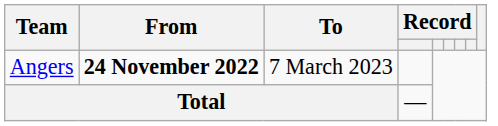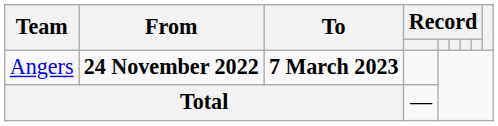 <table class=wikitable style="text-align:center">
 <tr>
 <th rowspan=2>Team</th>
 <th rowspan=2>From</th>
 <th rowspan=2>To</th>
 <th colspan=5>Record</th>
 <th rowspan=2></th>
 </tr>
 <tr>
 <th></th>
 <th></th>
 <th></th>
 <th></th>
 <th></th>
 </tr>
 <tr>
 <td align=left><a href='#'>Angers</a></td>
 <td align=left><strong>24 November 2022</strong></td>
-<td align=left>7 March 2023<br></td>
+<td align=left><strong>7 March 2023<br></strong></td>
 <td></td>
 </tr>
 <tr>
 <th colspan=3>Total<br></th>
 <td>—</td>
 </tr>
 </table>
